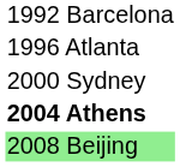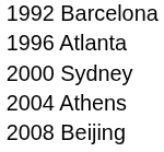 <table>
 <tr>
 <td>1992 Barcelona <br></td>
 <td></td>
 <td></td>
 <td></td>
 </tr>
 <tr>
 <td>1996 Atlanta <br></td>
 <td></td>
 <td></td>
 <td></td>
 </tr>
 <tr>
 <td>2000 Sydney <br></td>
 <td></td>
 <td></td>
 <td></td>
 </tr>
 <tr>
-<td><strong>2004 Athens <br></strong></td>
+<td>2004 Athens <br></td>
 <td></td>
 <td></td>
 <td></td>
 </tr>
 <tr>
-<td style="background: lightgreen;">2008 Beijing <br></td>
+<td>2008 Beijing <br></td>
 <td></td>
 <td></td>
 <td></td>
 </tr>
 </table>
